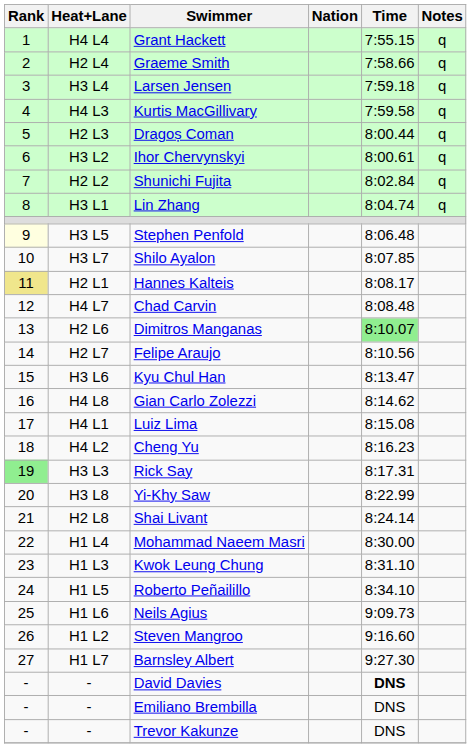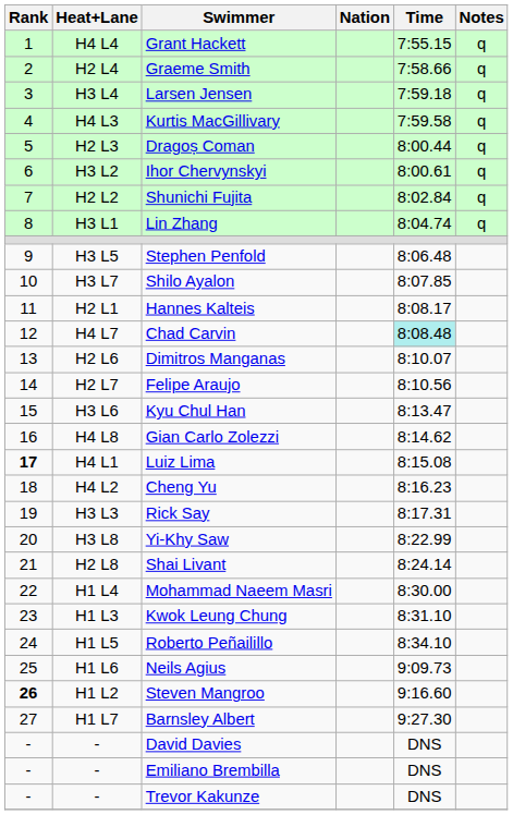 <table class="wikitable sortable" style="text-align:center">
 <tr>
 <th>Rank</th>
 <th>Heat+Lane</th>
 <th>Swimmer</th>
 <th>Nation</th>
 <th>Time</th>
 <th>Notes</th>
 </tr>
 <tr bgcolor=ccffcc>
 <td>1</td>
 <td>H4 L4</td>
 <td align=left><a href='#'>Grant Hackett</a></td>
 <td align=left></td>
 <td>7:55.15</td>
 <td>q</td>
 </tr>
 <tr bgcolor=ccffcc>
 <td>2</td>
 <td>H2 L4</td>
 <td align=left><a href='#'>Graeme Smith</a></td>
 <td align=left></td>
 <td>7:58.66</td>
 <td>q</td>
 </tr>
 <tr bgcolor=ccffcc>
 <td>3</td>
 <td>H3 L4</td>
 <td align=left><a href='#'>Larsen Jensen</a></td>
 <td align=left></td>
 <td>7:59.18</td>
 <td>q</td>
 </tr>
 <tr bgcolor=ccffcc>
 <td>4</td>
 <td>H4 L3</td>
 <td align=left><a href='#'>Kurtis MacGillivary</a></td>
 <td align=left></td>
 <td>7:59.58</td>
 <td>q</td>
 </tr>
 <tr bgcolor=ccffcc>
 <td>5</td>
 <td>H2 L3</td>
 <td align=left><a href='#'>Dragoș Coman</a></td>
 <td align=left></td>
 <td>8:00.44</td>
 <td>q</td>
 </tr>
 <tr bgcolor=ccffcc>
 <td>6</td>
 <td>H3 L2</td>
 <td align=left><a href='#'>Ihor Chervynskyi</a></td>
 <td align=left></td>
 <td>8:00.61</td>
 <td>q</td>
 </tr>
 <tr bgcolor=ccffcc>
 <td>7</td>
 <td>H2 L2</td>
 <td align=left><a href='#'>Shunichi Fujita</a></td>
 <td align=left></td>
 <td>8:02.84</td>
 <td>q</td>
 </tr>
 <tr bgcolor=ccffcc>
 <td>8</td>
 <td>H3 L1</td>
 <td align=left><a href='#'>Lin Zhang</a></td>
 <td align=left></td>
 <td>8:04.74</td>
 <td>q</td>
 </tr>
 <tr bgcolor=#DDDDDD>
 <td colspan=7></td>
 </tr>
 <tr>
-<td style="background: lightyellow;">9</td>
+<td>9</td>
 <td>H3 L5</td>
 <td align=left><a href='#'>Stephen Penfold</a></td>
 <td align=left></td>
 <td>8:06.48</td>
 <td></td>
 </tr>
 <tr>
 <td>10</td>
 <td>H3 L7</td>
 <td align=left><a href='#'>Shilo Ayalon</a></td>
 <td align=left></td>
 <td>8:07.85</td>
 <td></td>
 </tr>
 <tr>
-<td style="background: khaki;">11</td>
+<td>11</td>
 <td>H2 L1</td>
 <td align=left><a href='#'>Hannes Kalteis</a></td>
 <td align=left></td>
 <td>8:08.17</td>
 <td></td>
 </tr>
 <tr>
 <td>12</td>
 <td>H4 L7</td>
 <td align=left><a href='#'>Chad Carvin</a></td>
 <td align=left></td>
-<td>8:08.48</td>
+<td style="background: paleturquoise;">8:08.48</td>
 <td></td>
 </tr>
 <tr>
 <td>13</td>
 <td>H2 L6</td>
 <td align=left><a href='#'>Dimitros Manganas</a></td>
 <td align=left></td>
-<td style="background: lightgreen;">8:10.07</td>
+<td>8:10.07</td>
 <td></td>
 </tr>
 <tr>
 <td>14</td>
 <td>H2 L7</td>
 <td align=left><a href='#'>Felipe Araujo</a></td>
 <td align=left></td>
 <td>8:10.56</td>
 <td></td>
 </tr>
 <tr>
 <td>15</td>
 <td>H3 L6</td>
 <td align=left><a href='#'>Kyu Chul Han</a></td>
 <td align=left></td>
 <td>8:13.47</td>
 <td></td>
 </tr>
 <tr>
 <td>16</td>
 <td>H4 L8</td>
 <td align=left><a href='#'>Gian Carlo Zolezzi</a></td>
 <td align=left></td>
 <td>8:14.62</td>
 <td></td>
 </tr>
 <tr>
-<td>17</td>
+<td><strong>17</strong></td>
 <td>H4 L1</td>
 <td align=left><a href='#'>Luiz Lima</a></td>
 <td align=left></td>
 <td>8:15.08</td>
 <td></td>
 </tr>
 <tr>
 <td>18</td>
 <td>H4 L2</td>
 <td align=left><a href='#'>Cheng Yu</a></td>
 <td align=left></td>
 <td>8:16.23</td>
 <td></td>
 </tr>
 <tr>
-<td style="background: lightgreen;">19</td>
+<td>19</td>
 <td>H3 L3</td>
 <td align=left><a href='#'>Rick Say</a></td>
 <td align=left></td>
 <td>8:17.31</td>
 <td></td>
 </tr>
 <tr>
 <td>20</td>
 <td>H3 L8</td>
 <td align=left><a href='#'>Yi-Khy Saw</a></td>
 <td align=left></td>
 <td>8:22.99</td>
 <td></td>
 </tr>
 <tr>
 <td>21</td>
 <td>H2 L8</td>
 <td align=left><a href='#'>Shai Livant</a></td>
 <td align=left></td>
 <td>8:24.14</td>
 <td></td>
 </tr>
 <tr>
 <td>22</td>
 <td>H1 L4</td>
 <td align=left><a href='#'>Mohammad Naeem Masri</a></td>
 <td align=left></td>
 <td>8:30.00</td>
 <td></td>
 </tr>
 <tr>
 <td>23</td>
 <td>H1 L3</td>
 <td align=left><a href='#'>Kwok Leung Chung</a></td>
 <td align=left></td>
 <td>8:31.10</td>
 <td></td>
 </tr>
 <tr>
 <td>24</td>
 <td>H1 L5</td>
 <td align=left><a href='#'>Roberto Peñailillo</a></td>
 <td align=left></td>
 <td>8:34.10</td>
 <td></td>
 </tr>
 <tr>
 <td>25</td>
 <td>H1 L6</td>
 <td align=left><a href='#'>Neils Agius</a></td>
 <td align=left></td>
 <td>9:09.73</td>
 <td></td>
 </tr>
 <tr>
-<td>26</td>
+<td><strong>26</strong></td>
 <td>H1 L2</td>
 <td align=left><a href='#'>Steven Mangroo</a></td>
 <td align=left></td>
 <td>9:16.60</td>
 <td></td>
 </tr>
 <tr>
 <td>27</td>
 <td>H1 L7</td>
 <td align=left><a href='#'>Barnsley Albert</a></td>
 <td align=left></td>
 <td>9:27.30</td>
 <td></td>
 </tr>
 <tr>
 <td>-</td>
 <td>-</td>
 <td align=left><a href='#'>David Davies</a></td>
 <td align=left></td>
-<td><strong>DNS</strong></td>
+<td>DNS</td>
 <td></td>
 </tr>
 <tr>
 <td>-</td>
 <td>-</td>
 <td align=left><a href='#'>Emiliano Brembilla</a></td>
 <td align=left></td>
 <td>DNS</td>
 <td></td>
 </tr>
 <tr>
 <td>-</td>
 <td>-</td>
 <td align=left><a href='#'>Trevor Kakunze</a></td>
 <td align=left></td>
 <td>DNS</td>
 <td></td>
 </tr>
 <tr>
 </tr>
 </table>
